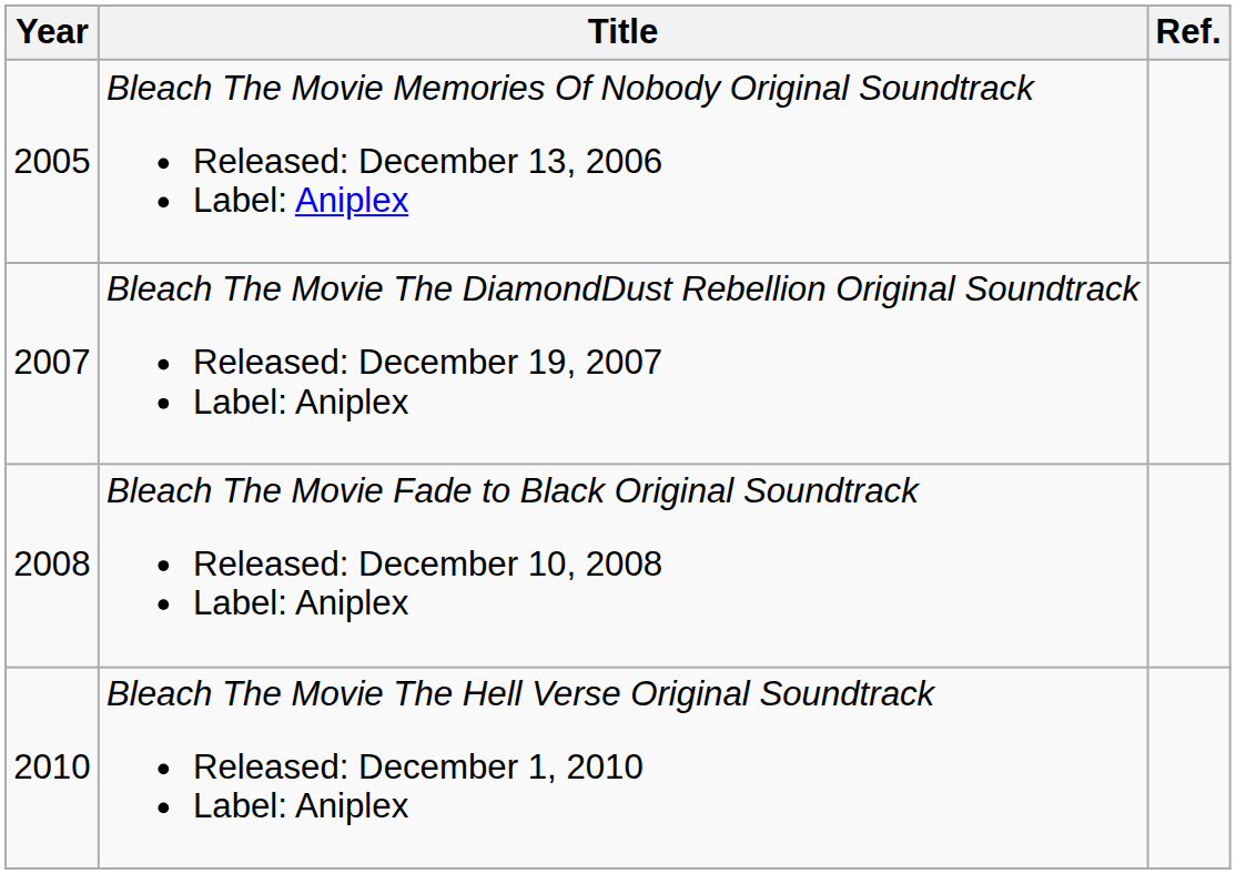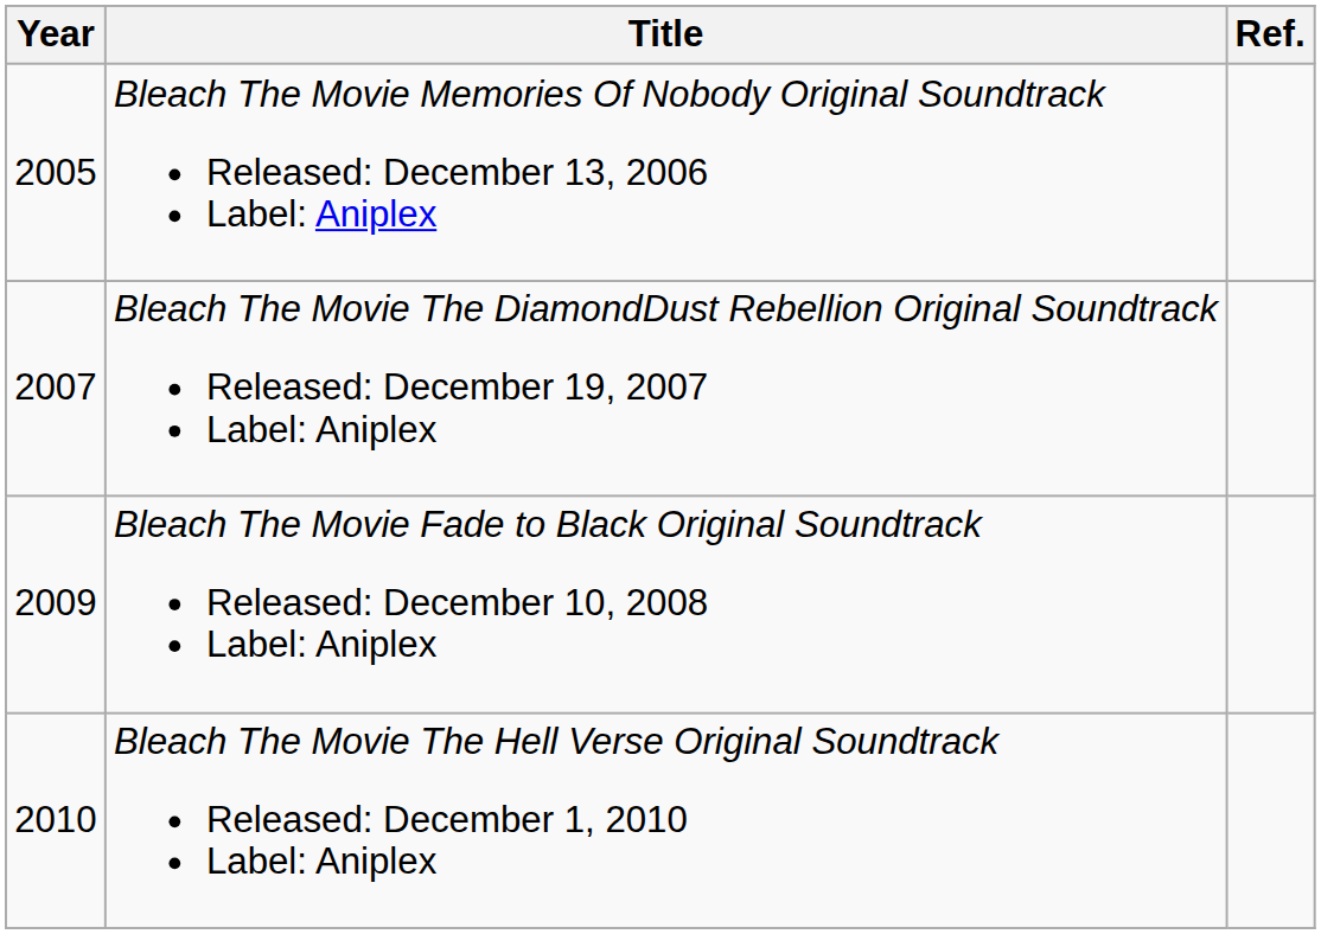 <table class="wikitable">
 <tr>
 <th>Year</th>
 <th>Title</th>
 <th>Ref.</th>
 </tr>
 <tr>
 <td style="text-align:center;">2005</td>
 <td align="left"><em>Bleach The Movie Memories Of Nobody Original Soundtrack</em><br><ul><li>Released: December 13, 2006</li><li>Label: <a href='#'>Aniplex</a></li></ul></td>
 <td style="text-align:center;"></td>
 </tr>
 <tr>
 <td style="text-align:center;">2007</td>
 <td align="left"><em>Bleach The Movie The DiamondDust Rebellion Original Soundtrack</em><br><ul><li>Released: December 19, 2007</li><li>Label: Aniplex</li></ul></td>
 <td style="text-align:center;"></td>
 </tr>
 <tr>
-<td style="text-align:center;">2008</td>
+<td style="text-align:center;">2009</td>
 <td align="left"><em>Bleach The Movie Fade to Black Original Soundtrack</em><br><ul><li>Released: December 10, 2008</li><li>Label: Aniplex</li></ul></td>
 <td style="text-align:center;"></td>
 </tr>
 <tr>
 <td style="text-align:center;">2010</td>
 <td align="left"><em>Bleach The Movie The Hell Verse Original Soundtrack</em><br><ul><li>Released: December 1, 2010</li><li>Label: Aniplex</li></ul></td>
 <td style="text-align:center;"></td>
 </tr>
 </table>
